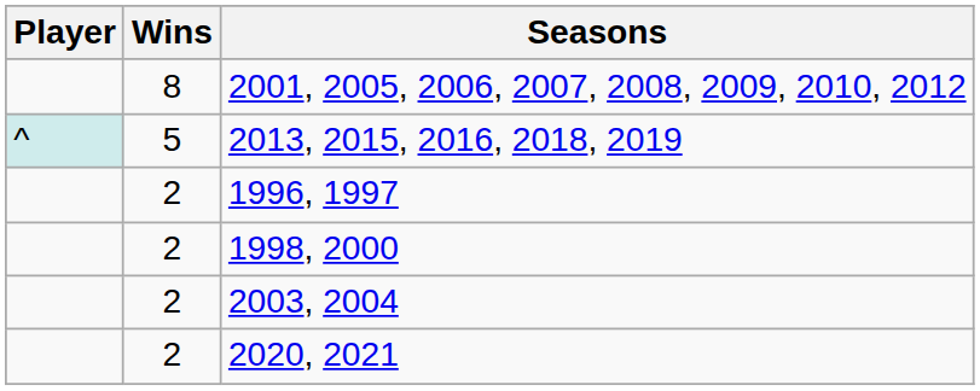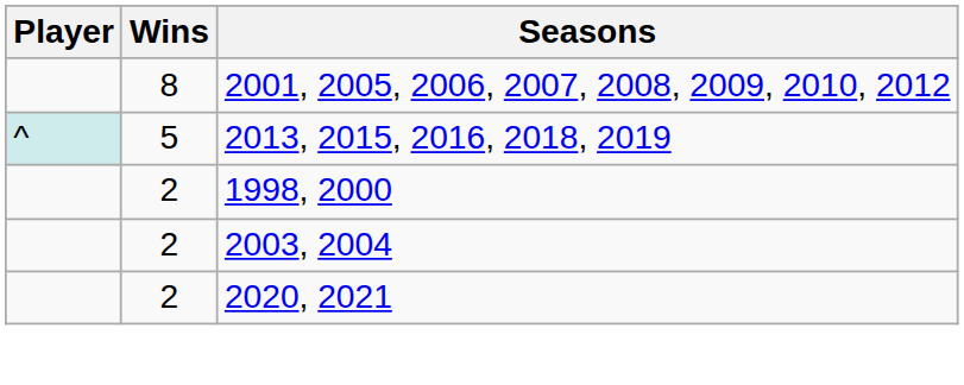 <table class="wikitable sortable">
 <tr>
 <th>Player</th>
 <th>Wins</th>
 <th class="unsortable">Seasons</th>
 </tr>
 <tr>
 <td></td>
 <td style="text-align:center;">8</td>
 <td><a href='#'>2001</a>, <a href='#'>2005</a>, <a href='#'>2006</a>, <a href='#'>2007</a>, <a href='#'>2008</a>, <a href='#'>2009</a>, <a href='#'>2010</a>, <a href='#'>2012</a></td>
 </tr>
 <tr>
 <td style="text-align:left; background:#cfecec;">^</td>
 <td style="text-align:center;">5</td>
 <td><a href='#'>2013</a>, <a href='#'>2015</a>, <a href='#'>2016</a>, <a href='#'>2018</a>, <a href='#'>2019</a></td>
 </tr>
 <tr>
 <td></td>
 <td style="text-align:center;">2</td>
-<td><a href='#'>1996</a>, <a href='#'>1997</a></td>
-</tr>
-<tr>
-<td></td>
-<td style="text-align:center;">2</td>
 <td><a href='#'>1998</a>, <a href='#'>2000</a></td>
 </tr>
 <tr>
 <td></td>
 <td style="text-align:center;">2</td>
 <td><a href='#'>2003</a>, <a href='#'>2004</a></td>
 </tr>
 <tr>
 <td style="text-align:left"></td>
 <td style="text-align:center;">2</td>
 <td><a href='#'>2020</a>, <a href='#'>2021</a></td>
 </tr>
 </table>
